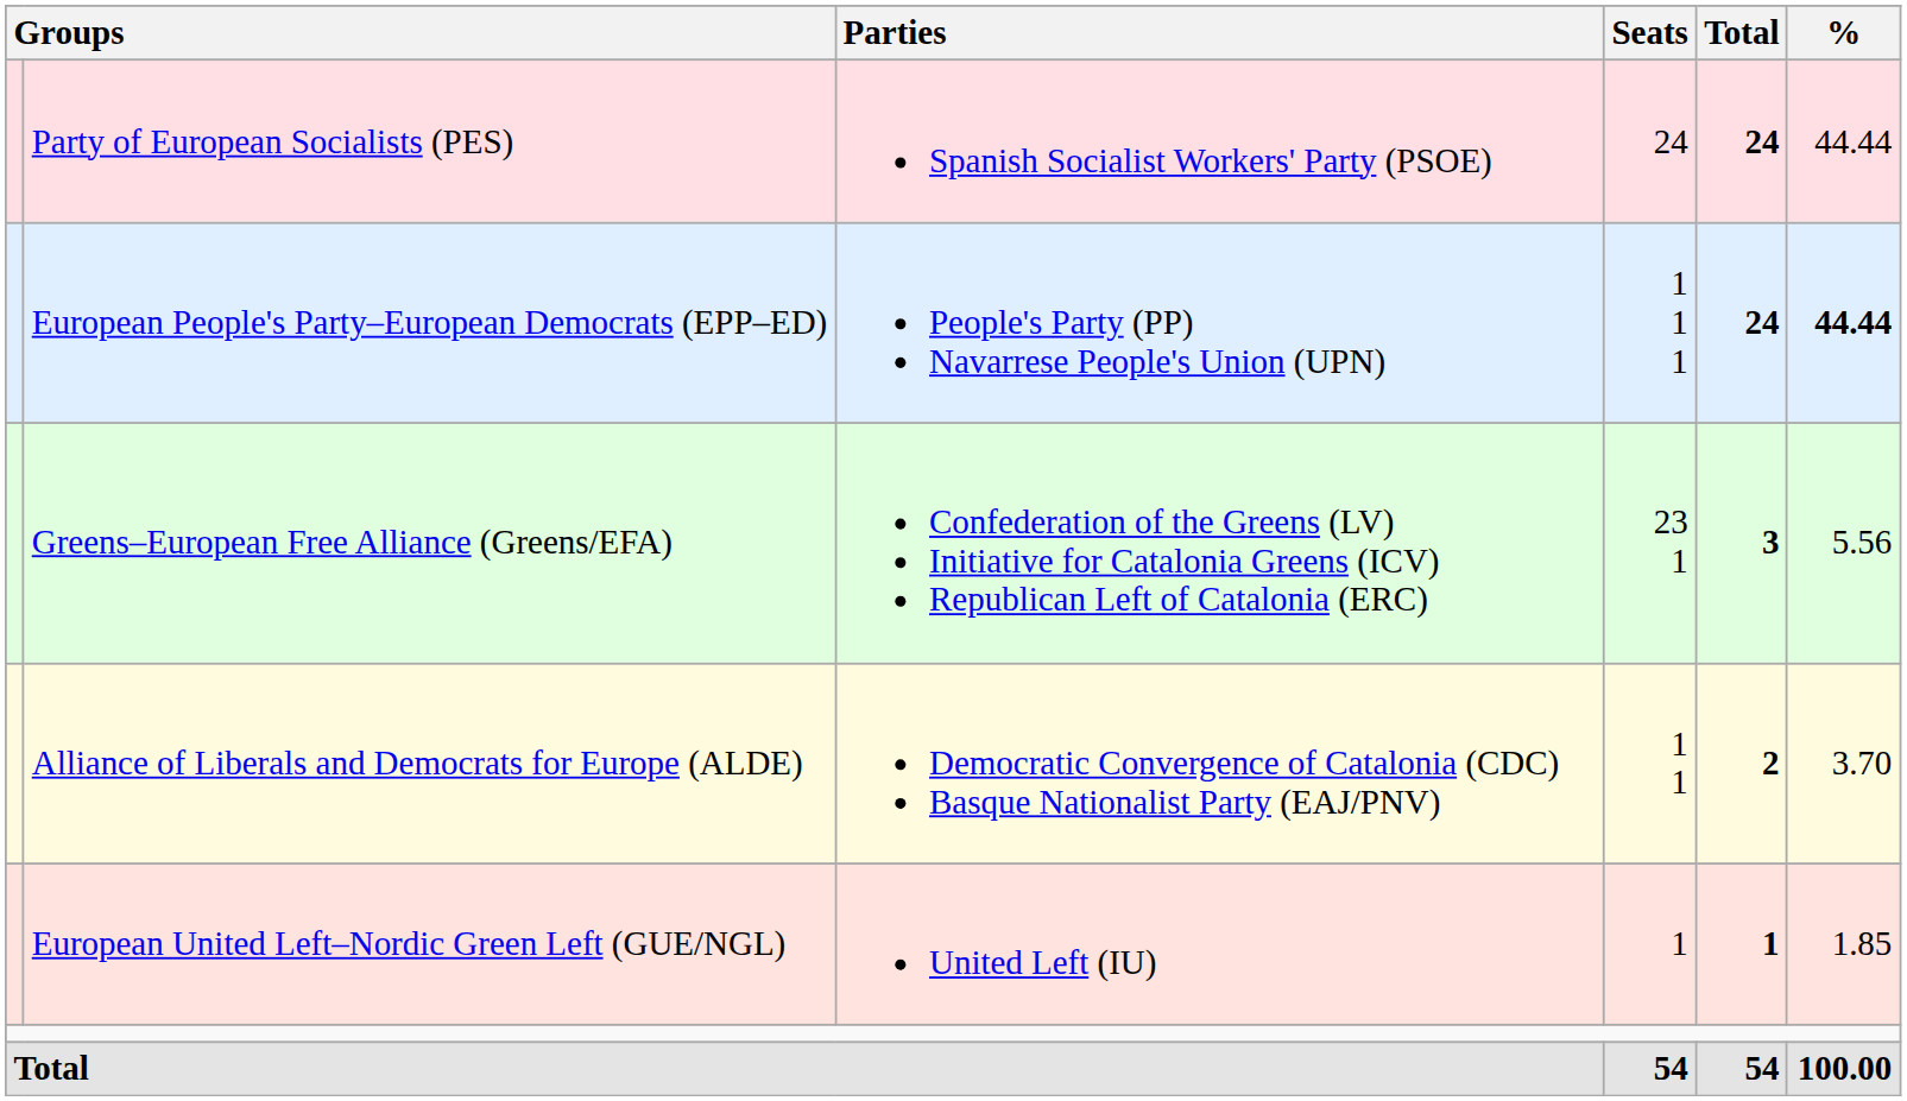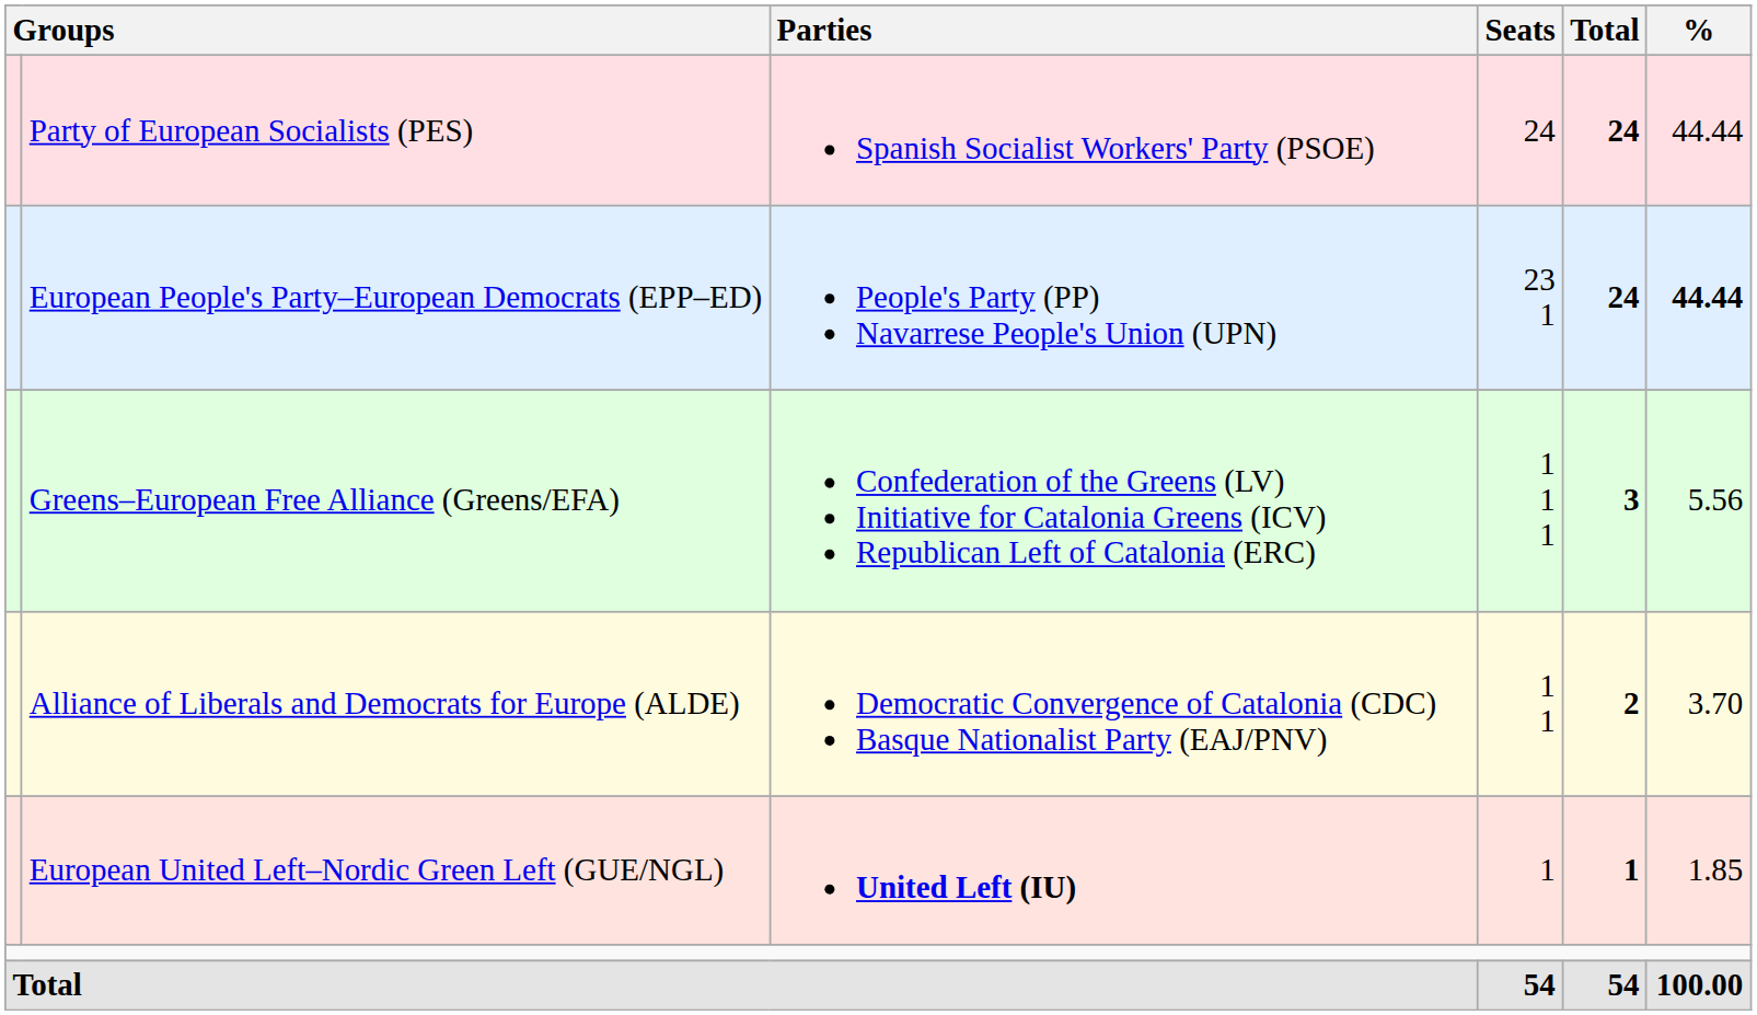 <table class="wikitable" style="text-align:right;">
 <tr>
 <th style="text-align:left;" colspan="2" width="375">Groups</th>
 <th style="text-align:left;" width="350">Parties</th>
 <th width="35">Seats</th>
 <th width="35">Total</th>
 <th width="45">%</th>
 </tr>
 <tr style="background:#FFDFE3;">
 <td width="1" style="color:inherit;background:"></td>
 <td align="left"><a href='#'>Party of European Socialists</a> (PES)</td>
 <td align="left"><br><ul><li><a href='#'>Spanish Socialist Workers' Party</a> (PSOE)</li></ul></td>
 <td>24</td>
 <td><strong>24</strong></td>
 <td>44.44</td>
 </tr>
 <tr style="background:#DFEFFF;">
 <td style="color:inherit;background:"></td>
 <td align="left"><a href='#'>European People's Party–European Democrats</a> (EPP–ED)</td>
 <td align="left"><br><ul><li><a href='#'>People's Party</a> (PP)</li><li><a href='#'>Navarrese People's Union</a> (UPN)</li></ul></td>
-<td>1<br>1<br>1</td>
+<td>23<br>1</td>
 <td><strong>24</strong></td>
 <td><strong>44.44</strong></td>
 </tr>
 <tr style="background:#DFFFDF;">
 <td style="color:inherit;background:"></td>
 <td align="left"><a href='#'>Greens–European Free Alliance</a> (Greens/EFA)</td>
 <td align="left"><br><ul><li><a href='#'>Confederation of the Greens</a> (LV)</li><li><a href='#'>Initiative for Catalonia Greens</a> (ICV)</li><li><a href='#'>Republican Left of Catalonia</a> (ERC)</li></ul></td>
-<td>23<br>1</td>
+<td>1<br>1<br>1</td>
 <td><strong>3</strong></td>
 <td>5.56</td>
 </tr>
 <tr style="background:#FFFBDF;">
 <td style="color:inherit;background:"></td>
 <td align="left"><a href='#'>Alliance of Liberals and Democrats for Europe</a> (ALDE)</td>
 <td align="left"><br><ul><li><a href='#'>Democratic Convergence of Catalonia</a> (CDC)</li><li><a href='#'>Basque Nationalist Party</a> (EAJ/PNV)</li></ul></td>
 <td>1<br>1</td>
 <td><strong>2</strong></td>
 <td>3.70</td>
 </tr>
 <tr style="background:#FFE3DF;">
 <td style="color:inherit;background:"></td>
 <td align="left"><a href='#'>European United Left–Nordic Green Left</a> (GUE/NGL)</td>
-<td align="left"><br><ul><li><a href='#'>United Left</a> (IU)</li></ul></td>
+<td align="left"><strong><br><ul><li><a href='#'>United Left</a> (IU)</li></ul></strong></td>
 <td>1</td>
 <td><strong>1</strong></td>
 <td>1.85</td>
 </tr>
 <tr>
 <td colspan="6"></td>
 </tr>
 <tr style="background:#E4E4E4; font-weight:bold;">
 <td align="left" colspan="3">Total</td>
 <td>54</td>
 <td>54</td>
 <td>100.00</td>
 </tr>
 </table>
